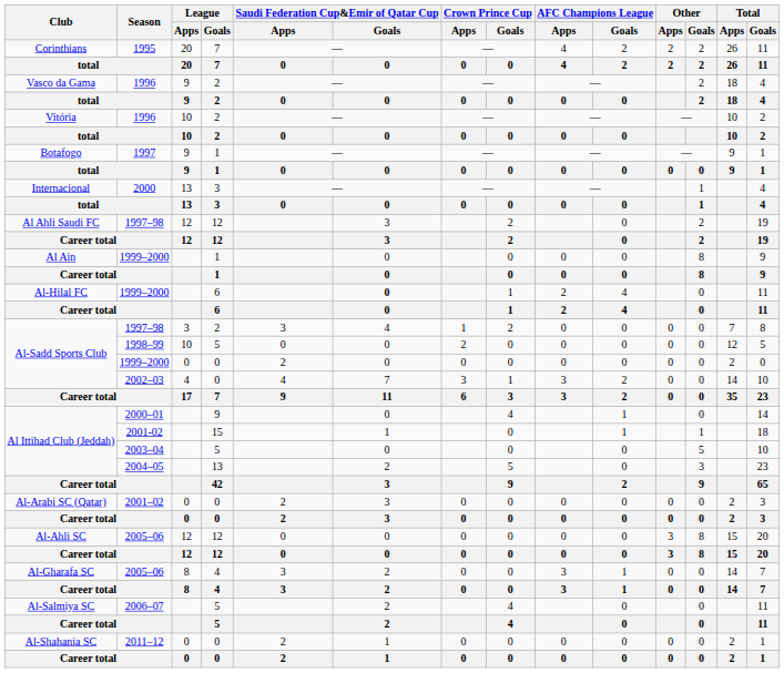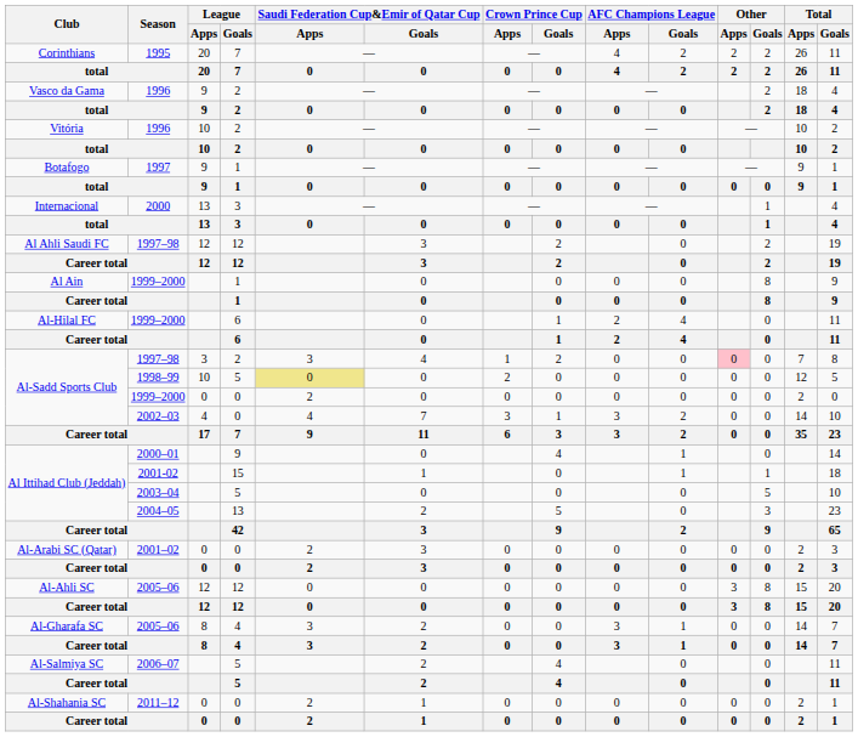 <table class="wikitable" style="text-align: center">
 <tr>
 <th rowspan="2">Club</th>
 <th rowspan="2">Season</th>
 <th colspan="2">League</th>
 <th colspan="2"><a href='#'>Saudi Federation Cup</a>&<a href='#'>Emir of Qatar Cup</a></th>
 <th colspan="2"><a href='#'>Crown Prince Cup</a></th>
 <th colspan="2"><a href='#'>AFC Champions League </a></th>
 <th colspan="2">Other</th>
 <th colspan="3">Total</th>
 </tr>
 <tr>
 <th>Apps</th>
 <th>Goals</th>
 <th>Apps</th>
 <th>Goals</th>
 <th>Apps</th>
 <th>Goals</th>
 <th>Apps</th>
 <th>Goals</th>
 <th>Apps</th>
 <th>Goals</th>
 <th>Apps</th>
 <th>Goals</th>
 </tr>
 <tr>
 <td><a href='#'>Corinthians</a></td>
 <td><a href='#'>1995</a></td>
 <td>20</td>
 <td>7</td>
 <td colspan="2">—</td>
 <td colspan="2">—</td>
 <td>4</td>
 <td>2</td>
 <td>2</td>
 <td>2</td>
 <td>26</td>
 <td>11</td>
 </tr>
 <tr>
 <th colspan="2">total</th>
 <th>20</th>
 <th>7</th>
 <th>0</th>
 <th>0</th>
 <th>0</th>
 <th>0</th>
 <th>4</th>
 <th>2</th>
 <th>2</th>
 <th>2</th>
 <th>26</th>
 <th>11</th>
 </tr>
 <tr>
 <td><a href='#'>Vasco da Gama</a></td>
 <td><a href='#'>1996</a></td>
 <td>9</td>
 <td>2</td>
 <td colspan="2">—</td>
 <td colspan="2">—</td>
 <td colspan="2">—</td>
 <td></td>
 <td>2</td>
 <td>18</td>
 <td>4</td>
 </tr>
 <tr>
 <th colspan="2">total</th>
 <th>9</th>
 <th>2</th>
 <th>0</th>
 <th>0</th>
 <th>0</th>
 <th>0</th>
 <th>0</th>
 <th>0</th>
 <th></th>
 <th>2</th>
 <th>18</th>
 <th>4</th>
 </tr>
 <tr>
 <td><a href='#'>Vitória</a></td>
 <td><a href='#'>1996</a></td>
 <td>10</td>
 <td>2</td>
 <td colspan="2">—</td>
 <td colspan="2">—</td>
 <td colspan="2">—</td>
 <td colspan="2">—</td>
 <td>10</td>
 <td>2</td>
 </tr>
 <tr>
 <th colspan="2">total</th>
 <th>10</th>
 <th>2</th>
 <th>0</th>
 <th>0</th>
 <th>0</th>
 <th>0</th>
 <th>0</th>
 <th>0</th>
 <th></th>
 <th></th>
 <th>10</th>
 <th>2</th>
 </tr>
 <tr>
 <td><a href='#'>Botafogo</a></td>
 <td><a href='#'>1997</a></td>
 <td>9</td>
 <td>1</td>
 <td colspan="2">—</td>
 <td colspan="2">—</td>
 <td colspan="2">—</td>
 <td colspan="2">—</td>
 <td>9</td>
 <td>1</td>
 </tr>
 <tr>
 <th colspan="2">total</th>
 <th>9</th>
 <th>1</th>
 <th>0</th>
 <th>0</th>
 <th>0</th>
 <th>0</th>
 <th>0</th>
 <th>0</th>
 <th>0</th>
 <th>0</th>
 <th>9</th>
 <th>1</th>
 </tr>
 <tr>
 <td><a href='#'>Internacional</a></td>
 <td><a href='#'>2000</a></td>
 <td>13</td>
 <td>3</td>
 <td colspan="2">—</td>
 <td colspan="2">—</td>
 <td colspan="2">—</td>
 <td></td>
 <td>1</td>
 <td></td>
 <td>4</td>
 </tr>
 <tr>
 <th colspan="2">total</th>
 <th>13</th>
 <th>3</th>
 <th>0</th>
 <th>0</th>
 <th>0</th>
 <th>0</th>
 <th>0</th>
 <th>0</th>
 <th></th>
 <th>1</th>
 <th></th>
 <th>4</th>
 </tr>
 <tr>
 <td rowspan="1"><a href='#'>Al Ahli Saudi FC</a></td>
 <td><a href='#'>1997–98</a></td>
 <td>12</td>
 <td>12</td>
 <td></td>
 <td>3</td>
 <td></td>
 <td>2</td>
 <td></td>
 <td>0</td>
 <td></td>
 <td>2</td>
 <td></td>
 <td>19</td>
 </tr>
 <tr>
 <th colspan="2">Career total</th>
 <th>12</th>
 <th>12</th>
 <th></th>
 <th>3</th>
 <th></th>
 <th>2</th>
 <th></th>
 <th>0</th>
 <th></th>
 <th>2</th>
 <th></th>
 <th>19</th>
 </tr>
 <tr>
 <td rowspan="1"><a href='#'>Al Ain</a></td>
 <td><a href='#'>1999–2000</a></td>
 <td></td>
 <td>1</td>
 <td></td>
 <td>0</td>
 <td></td>
 <td>0</td>
 <td>0</td>
 <td>0</td>
 <td></td>
 <td>8</td>
 <td></td>
 <td>9</td>
 </tr>
 <tr>
 <th colspan="2">Career total</th>
 <th></th>
 <th>1</th>
 <th></th>
 <th>0</th>
 <th></th>
 <th>0</th>
 <th>0</th>
 <th>0</th>
 <th></th>
 <th>8</th>
 <th></th>
 <th>9</th>
 </tr>
 <tr>
 <td rowspan="1"><a href='#'>Al-Hilal FC</a></td>
 <td><a href='#'>1999–2000</a></td>
 <td></td>
 <td>6</td>
 <td></td>
-<td><strong>0</strong></td>
+<td>0</td>
 <td></td>
 <td>1</td>
 <td>2</td>
 <td>4</td>
 <td></td>
 <td>0</td>
 <td></td>
 <td>11</td>
 </tr>
 <tr>
 <th colspan="2">Career total</th>
 <th></th>
 <th>6</th>
 <th></th>
 <th>0</th>
 <th></th>
 <th>1</th>
 <th>2</th>
 <th>4</th>
 <th></th>
 <th>0</th>
 <th></th>
 <th>11</th>
 </tr>
 <tr>
 <td rowspan="4"><a href='#'>Al-Sadd Sports Club</a></td>
 <td><a href='#'>1997–98</a></td>
 <td>3</td>
 <td>2</td>
 <td>3</td>
 <td>4</td>
 <td>1</td>
 <td>2</td>
 <td>0</td>
 <td>0</td>
-<td>0</td>
+<td style="background: pink;">0</td>
 <td>0</td>
 <td>7</td>
 <td>8</td>
 </tr>
 <tr>
 <td><a href='#'>1998–99</a></td>
 <td>10</td>
 <td>5</td>
-<td>0</td>
+<td style="background: khaki;">0</td>
 <td>0</td>
 <td>2</td>
 <td>0</td>
 <td>0</td>
 <td>0</td>
 <td>0</td>
 <td>0</td>
 <td>12</td>
 <td>5</td>
 </tr>
 <tr>
 <td><a href='#'>1999–2000</a></td>
 <td>0</td>
 <td>0</td>
 <td>2</td>
 <td>0</td>
 <td>0</td>
 <td>0</td>
 <td>0</td>
 <td>0</td>
 <td>0</td>
 <td>0</td>
 <td>2</td>
 <td>0</td>
 </tr>
 <tr>
 <td><a href='#'>2002–03</a></td>
 <td>4</td>
 <td>0</td>
 <td>4</td>
 <td>7</td>
 <td>3</td>
 <td>1</td>
 <td>3</td>
 <td>2</td>
 <td>0</td>
 <td>0</td>
 <td>14</td>
 <td>10</td>
 </tr>
 <tr>
 <th colspan="2">Career total</th>
 <th>17</th>
 <th>7</th>
 <th>9</th>
 <th>11</th>
 <th>6</th>
 <th>3</th>
 <th>3</th>
 <th>2</th>
 <th>0</th>
 <th>0</th>
 <th>35</th>
 <th>23</th>
 </tr>
 <tr>
 <td rowspan="4"><a href='#'>Al Ittihad Club (Jeddah)</a></td>
 <td><a href='#'>2000–01</a></td>
 <td></td>
 <td>9</td>
 <td></td>
 <td>0</td>
 <td></td>
 <td>4</td>
 <td></td>
 <td>1</td>
 <td></td>
 <td>0</td>
 <td></td>
 <td>14</td>
 </tr>
 <tr>
 <td><a href='#'>2001-02</a></td>
 <td></td>
 <td>15</td>
 <td></td>
 <td>1</td>
 <td></td>
 <td>0</td>
 <td></td>
 <td>1</td>
 <td></td>
 <td>1</td>
 <td></td>
 <td>18</td>
 </tr>
 <tr>
 <td><a href='#'>2003–04</a></td>
 <td></td>
 <td>5</td>
 <td></td>
 <td>0</td>
 <td></td>
 <td>0</td>
 <td></td>
 <td>0</td>
 <td></td>
 <td>5 </td>
 <td></td>
 <td>10</td>
 </tr>
 <tr>
 <td><a href='#'>2004–05</a></td>
 <td></td>
 <td>13</td>
 <td></td>
 <td>2</td>
 <td></td>
 <td>5</td>
 <td></td>
 <td>0</td>
 <td></td>
 <td>3 </td>
 <td></td>
 <td>23</td>
 </tr>
 <tr>
 <th colspan="2">Career total</th>
 <th></th>
 <th>42</th>
 <th></th>
 <th>3</th>
 <th></th>
 <th>9</th>
 <th></th>
 <th>2</th>
 <th></th>
 <th>9</th>
 <th></th>
 <th>65</th>
 </tr>
 <tr>
 <td rowspan="1"><a href='#'>Al-Arabi SC (Qatar)</a></td>
 <td><a href='#'>2001–02</a></td>
 <td>0</td>
 <td>0</td>
 <td>2</td>
 <td>3</td>
 <td>0</td>
 <td>0</td>
 <td>0</td>
 <td>0</td>
 <td>0</td>
 <td>0</td>
 <td>2</td>
 <td>3</td>
 </tr>
 <tr>
 <th colspan="2">Career total</th>
 <th>0</th>
 <th>0</th>
 <th>2</th>
 <th>3</th>
 <th>0</th>
 <th>0</th>
 <th>0</th>
 <th>0</th>
 <th>0</th>
 <th>0</th>
 <th>2</th>
 <th>3</th>
 </tr>
 <tr>
 <td rowspan="1"><a href='#'>Al-Ahli SC</a></td>
 <td><a href='#'>2005–06</a></td>
 <td>12</td>
 <td>12</td>
 <td>0</td>
 <td>0</td>
 <td>0</td>
 <td>0</td>
 <td>0</td>
 <td>0</td>
 <td>3</td>
 <td>8</td>
 <td>15</td>
 <td>20</td>
 </tr>
 <tr>
 <th colspan="2">Career total</th>
 <th>12</th>
 <th>12</th>
 <th>0</th>
 <th>0</th>
 <th>0</th>
 <th>0</th>
 <th>0</th>
 <th>0</th>
 <th>3</th>
 <th>8</th>
 <th>15</th>
 <th>20</th>
 </tr>
 <tr>
 <td rowspan="1"><a href='#'>Al-Gharafa SC</a></td>
 <td><a href='#'>2005–06</a></td>
 <td>8</td>
 <td>4</td>
 <td>3</td>
 <td>2</td>
 <td>0</td>
 <td>0</td>
 <td>3</td>
 <td>1</td>
 <td>0</td>
 <td>0</td>
 <td>14</td>
 <td>7</td>
 </tr>
 <tr>
 <th colspan="2">Career total</th>
 <th>8</th>
 <th>4</th>
 <th>3</th>
 <th>2</th>
 <th>0</th>
 <th>0</th>
 <th>3</th>
 <th>1</th>
 <th>0</th>
 <th>0</th>
 <th>14</th>
 <th>7</th>
 </tr>
 <tr>
 <td rowspan="1"><a href='#'>Al-Salmiya SC</a></td>
 <td><a href='#'>2006–07</a></td>
 <td></td>
 <td>5</td>
 <td></td>
 <td>2</td>
 <td></td>
 <td>4</td>
 <td></td>
 <td>0</td>
 <td></td>
 <td>0</td>
 <td></td>
 <td>11</td>
 </tr>
 <tr>
 <th colspan="2">Career total</th>
 <th></th>
 <th>5</th>
 <th></th>
 <th>2</th>
 <th></th>
 <th>4</th>
 <th></th>
 <th>0</th>
 <th></th>
 <th>0</th>
 <th></th>
 <th>11</th>
 </tr>
 <tr>
 <td rowspan="1"><a href='#'>Al-Shahania SC </a></td>
 <td><a href='#'>2011–12</a></td>
 <td>0</td>
 <td>0</td>
 <td>2</td>
 <td>1</td>
 <td>0</td>
 <td>0</td>
 <td>0</td>
 <td>0</td>
 <td>0</td>
 <td>0</td>
 <td>2</td>
 <td>1</td>
 </tr>
 <tr>
 <th colspan="2">Career total</th>
 <th>0</th>
 <th>0</th>
 <th>2</th>
 <th>1</th>
 <th>0</th>
 <th>0</th>
 <th>0</th>
 <th>0</th>
 <th>0</th>
 <th>0</th>
 <th>2</th>
 <th>1</th>
 </tr>
 </table>
